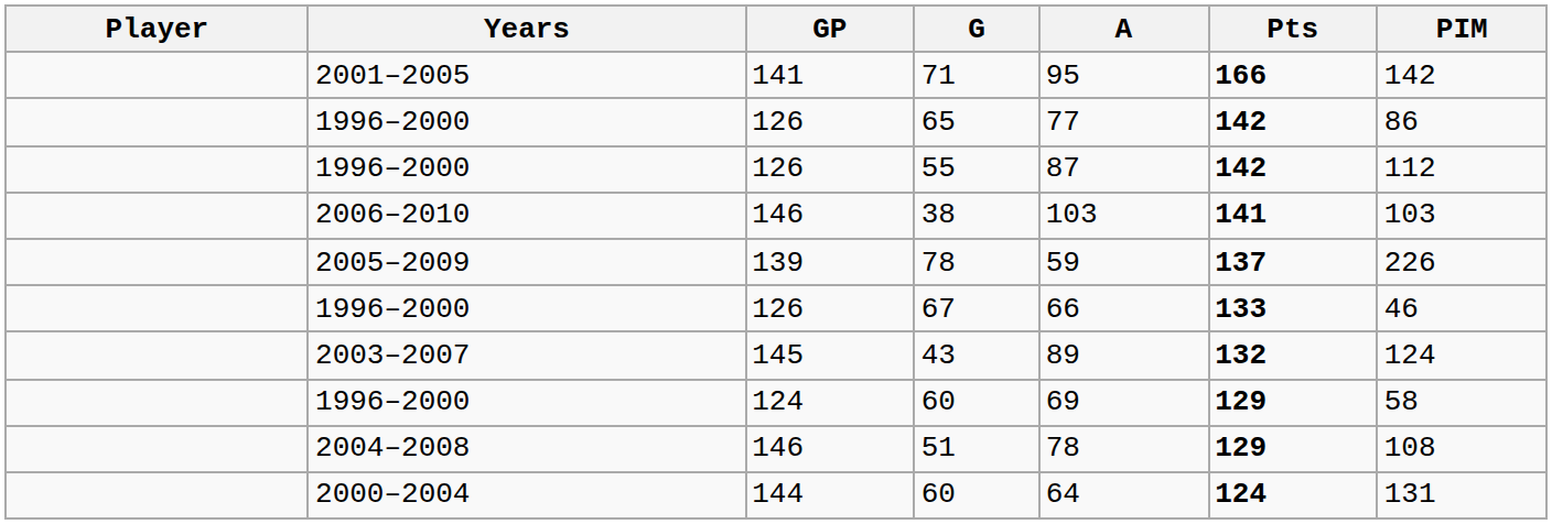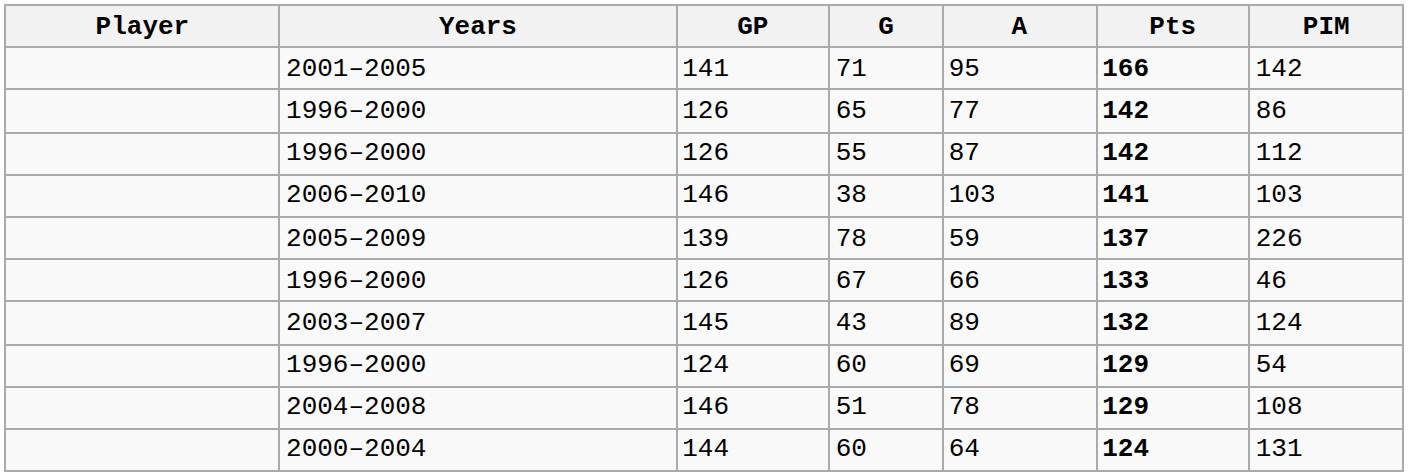 <table class="wikitable sortable" width ="700" cellpadding="1" border="1" cellspacing="0">
 <tr>
 <th>Player</th>
 <th>Years</th>
 <th>GP</th>
 <th>G</th>
 <th>A</th>
 <th>Pts</th>
 <th>PIM</th>
 </tr>
 <tr>
 <td></td>
 <td>2001–2005</td>
 <td>141</td>
 <td>71</td>
 <td>95</td>
 <td><strong>166</strong></td>
 <td>142</td>
 </tr>
 <tr>
 <td></td>
 <td>1996–2000</td>
 <td>126</td>
 <td>65</td>
 <td>77</td>
 <td><strong>142</strong></td>
 <td>86</td>
 </tr>
 <tr>
 <td></td>
 <td>1996–2000</td>
 <td>126</td>
 <td>55</td>
 <td>87</td>
 <td><strong>142</strong></td>
 <td>112</td>
 </tr>
 <tr>
 <td></td>
 <td>2006–2010</td>
 <td>146</td>
 <td>38</td>
 <td>103</td>
 <td><strong>141</strong></td>
 <td>103</td>
 </tr>
 <tr>
 <td></td>
 <td>2005–2009</td>
 <td>139</td>
 <td>78</td>
 <td>59</td>
 <td><strong>137</strong></td>
 <td>226</td>
 </tr>
 <tr>
 <td></td>
 <td>1996–2000</td>
 <td>126</td>
 <td>67</td>
 <td>66</td>
 <td><strong>133</strong></td>
 <td>46</td>
 </tr>
 <tr>
 <td></td>
 <td>2003–2007</td>
 <td>145</td>
 <td>43</td>
 <td>89</td>
 <td><strong>132</strong></td>
 <td>124</td>
 </tr>
 <tr>
 <td></td>
 <td>1996–2000</td>
 <td>124</td>
 <td>60</td>
 <td>69</td>
 <td><strong>129</strong></td>
-<td>58</td>
+<td>54</td>
 </tr>
 <tr>
 <td></td>
 <td>2004–2008</td>
 <td>146</td>
 <td>51</td>
 <td>78</td>
 <td><strong>129</strong></td>
 <td>108</td>
 </tr>
 <tr>
 <td></td>
 <td>2000–2004</td>
 <td>144</td>
 <td>60</td>
 <td>64</td>
 <td><strong>124</strong></td>
 <td>131</td>
 </tr>
 <tr>
 </tr>
 </table>
